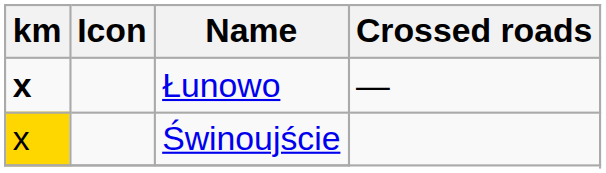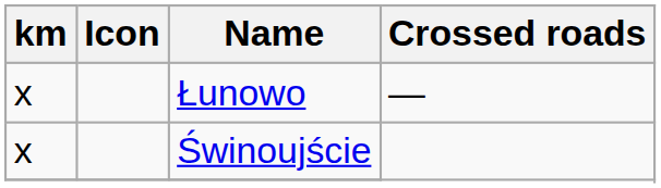 <table class=wikitable>
 <tr>
 <th>km</th>
 <th>Icon</th>
 <th>Name</th>
 <th>Crossed roads</th>
 </tr>
 <tr>
-<td><strong>x</strong></td>
+<td>x</td>
 <td></td>
 <td> <a href='#'>Łunowo</a></td>
 <td>—</td>
 </tr>
 <tr>
-<td style="background: gold;">x</td>
+<td>x</td>
 <td></td>
 <td> <a href='#'>Świnoujście</a></td>
 </tr>
 <tr>
 </tr>
 </table>
